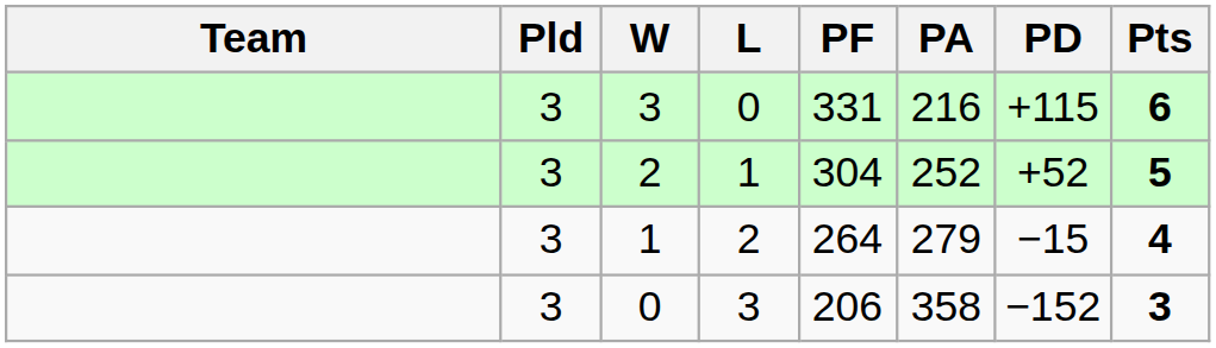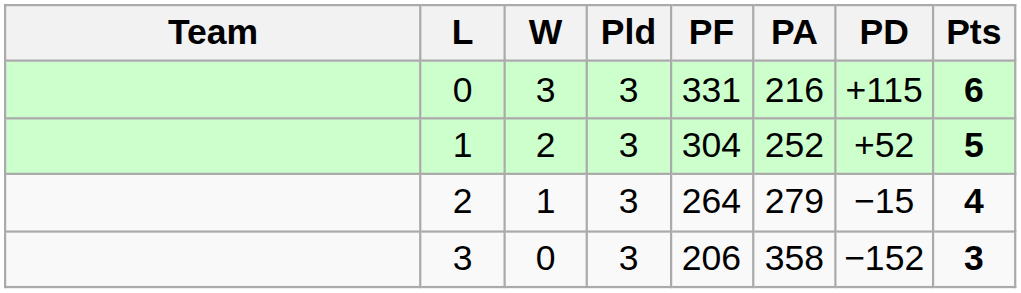 <table class=wikitable style="text-align:center">
 <tr>
 <th width=180>Team</th>
+<th width=30>L</th>
+<th width=30>W</th>
 <th width=30>Pld</th>
-<th width=30>W</th>
-<th width=30>L</th>
 <th width=30>PF</th>
 <th width=30>PA</th>
 <th width=30>PD</th>
 <th width=30>Pts</th>
 </tr>
 <tr bgcolor="#ccffcc">
 <td align="left"></td>
+<td>0</td>
 <td>3</td>
 <td>3</td>
-<td>0</td>
 <td>331</td>
 <td>216</td>
 <td>+115</td>
 <td><strong>6</strong></td>
 </tr>
 <tr bgcolor="#ccffcc">
 <td align="left"></td>
+<td>1</td>
+<td>2</td>
 <td>3</td>
-<td>2</td>
-<td>1</td>
 <td>304</td>
 <td>252</td>
 <td>+52</td>
 <td><strong>5</strong></td>
 </tr>
 <tr>
 <td align="left"></td>
+<td>2</td>
+<td>1</td>
 <td>3</td>
-<td>1</td>
-<td>2</td>
 <td>264</td>
 <td>279</td>
 <td>−15</td>
 <td><strong>4</strong></td>
 </tr>
 <tr>
 <td align="left"></td>
 <td>3</td>
 <td>0</td>
 <td>3</td>
 <td>206</td>
 <td>358</td>
 <td>−152</td>
 <td><strong>3</strong></td>
 </tr>
 </table>
